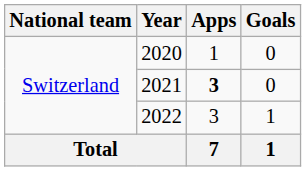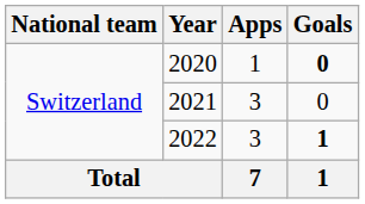 <table class=wikitable style=text-align:center>
 <tr>
 <th>National team</th>
 <th>Year</th>
 <th>Apps</th>
 <th>Goals</th>
 </tr>
 <tr>
 <td rowspan="3"><a href='#'>Switzerland</a></td>
 <td>2020</td>
 <td>1</td>
-<td>0</td>
+<td><strong>0</strong></td>
 </tr>
 <tr>
 <td>2021</td>
-<td><strong>3</strong></td>
+<td>3</td>
 <td>0</td>
 </tr>
 <tr>
 <td>2022</td>
 <td>3</td>
-<td>1</td>
+<td><strong>1</strong></td>
 </tr>
 <tr>
 <th colspan="2">Total</th>
 <th>7</th>
 <th>1</th>
 </tr>
 </table>
